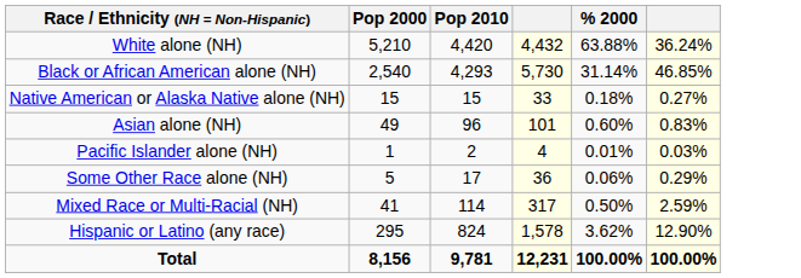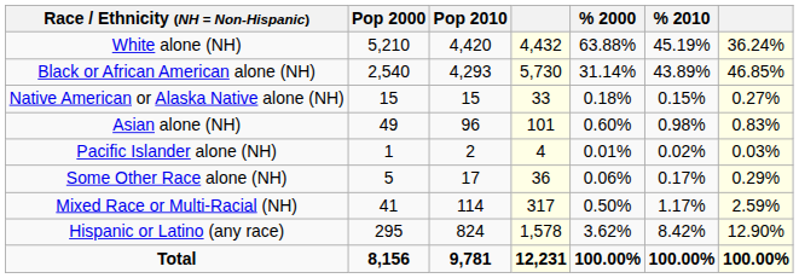 <table class="wikitable" style="text-align:center;">
 <tr>
 <th>Race / Ethnicity <small>(<em>NH = Non-Hispanic</em>)</small></th>
 <th>Pop 2000</th>
 <th>Pop 2010</th>
 <th></th>
 <th>% 2000</th>
+<th>% 2010</th>
 <th></th>
 </tr>
 <tr>
 <td><a href='#'>White</a> alone (NH)</td>
 <td>5,210</td>
 <td>4,420</td>
 <td style='background: #ffffe6;'>4,432</td>
 <td>63.88%</td>
+<td>45.19%</td>
 <td style='background: #ffffe6;'>36.24%</td>
 </tr>
 <tr>
 <td><a href='#'>Black or African American</a> alone (NH)</td>
 <td>2,540</td>
 <td>4,293</td>
 <td style='background: #ffffe6;'>5,730</td>
 <td>31.14%</td>
+<td>43.89%</td>
 <td style='background: #ffffe6;'>46.85%</td>
 </tr>
 <tr>
 <td><a href='#'>Native American</a> or <a href='#'>Alaska Native</a> alone (NH)</td>
 <td>15</td>
 <td>15</td>
 <td style='background: #ffffe6;'>33</td>
 <td>0.18%</td>
+<td>0.15%</td>
 <td style='background: #ffffe6;'>0.27%</td>
 </tr>
 <tr>
 <td><a href='#'>Asian</a> alone (NH)</td>
 <td>49</td>
 <td>96</td>
 <td style='background: #ffffe6;'>101</td>
 <td>0.60%</td>
+<td>0.98%</td>
 <td style='background: #ffffe6;'>0.83%</td>
 </tr>
 <tr>
 <td><a href='#'>Pacific Islander</a> alone (NH)</td>
 <td>1</td>
 <td>2</td>
 <td style='background: #ffffe6;'>4</td>
 <td>0.01%</td>
+<td>0.02%</td>
 <td style='background: #ffffe6;'>0.03%</td>
 </tr>
 <tr>
 <td><a href='#'>Some Other Race</a> alone (NH)</td>
 <td>5</td>
 <td>17</td>
 <td style='background: #ffffe6;'>36</td>
 <td>0.06%</td>
+<td>0.17%</td>
 <td style='background: #ffffe6;'>0.29%</td>
 </tr>
 <tr>
 <td><a href='#'>Mixed Race or Multi-Racial</a> (NH)</td>
 <td>41</td>
 <td>114</td>
 <td style='background: #ffffe6;'>317</td>
 <td>0.50%</td>
+<td>1.17%</td>
 <td style='background: #ffffe6;'>2.59%</td>
 </tr>
 <tr>
 <td><a href='#'>Hispanic or Latino</a> (any race)</td>
 <td>295</td>
 <td>824</td>
 <td style='background: #ffffe6;'>1,578</td>
 <td>3.62%</td>
+<td>8.42%</td>
 <td style='background: #ffffe6;'>12.90%</td>
 </tr>
 <tr>
 <td><strong>Total</strong></td>
 <td><strong>8,156</strong></td>
 <td><strong>9,781</strong></td>
 <td style='background: #ffffe6;'><strong>12,231</strong></td>
 <td><strong>100.00%</strong></td>
+<td><strong>100.00%</strong></td>
 <td style='background: #ffffe6;'><strong>100.00%</strong></td>
 </tr>
 </table>
